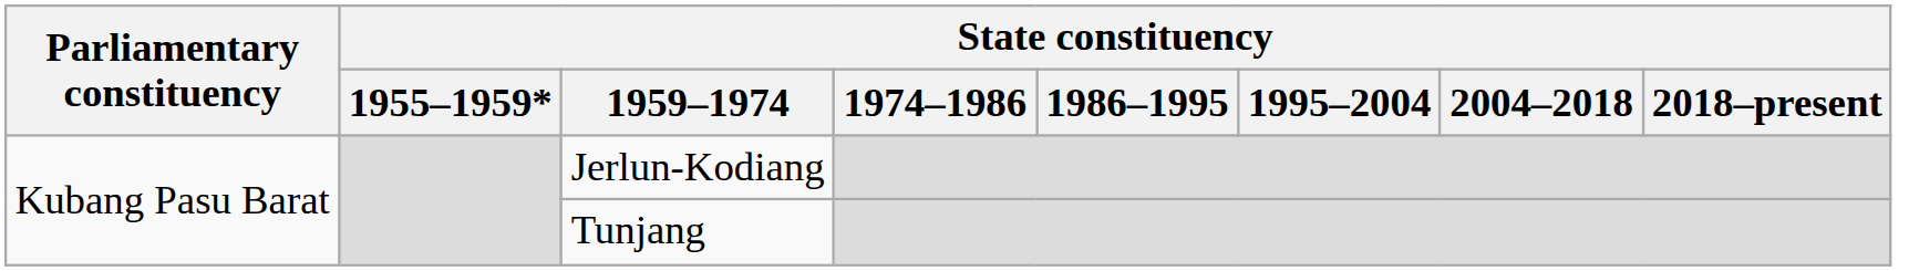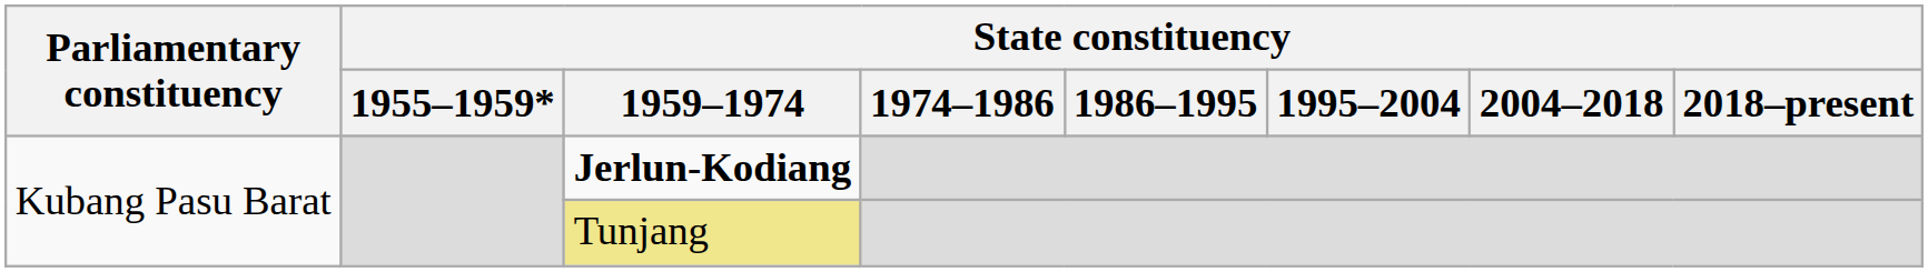 <table class="wikitable">
 <tr>
 <th rowspan="2">Parliamentary<br>constituency</th>
 <th colspan="7">State constituency</th>
 </tr>
 <tr>
 <th>1955–1959*</th>
 <th>1959–1974</th>
 <th>1974–1986</th>
 <th>1986–1995</th>
 <th>1995–2004</th>
 <th>2004–2018</th>
 <th>2018–present</th>
 </tr>
 <tr>
 <td rowspan="2">Kubang Pasu Barat</td>
 <td rowspan="2" bgcolor="dcdcdc"></td>
-<td>Jerlun-Kodiang</td>
+<td><strong>Jerlun-Kodiang</strong></td>
 <td colspan="5" bgcolor="dcdcdc"></td>
 </tr>
 <tr>
-<td>Tunjang</td>
+<td style="background: khaki;">Tunjang</td>
 <td colspan="5" bgcolor="dcdcdc"></td>
 </tr>
 </table>
